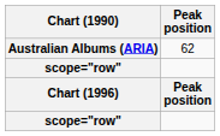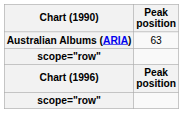 <table class="wikitable sortable plainrowheaders">
 <tr>
 <th scope="col">Chart (1990)</th>
 <th scope="col">Peak<br>position</th>
 </tr>
 <tr>
 <th scope="row">Australian Albums (<a href='#'>ARIA</a>)</th>
-<td style="text-align:center;">62</td>
+<td style="text-align:center;">63</td>
 </tr>
 <tr>
 <th>scope="row"</th>
 </tr>
 <tr>
 <th scope="col">Chart (1996)</th>
 <th scope="col">Peak<br>position</th>
 </tr>
 <tr>
 <th>scope="row"</th>
 </tr>
 </table>
